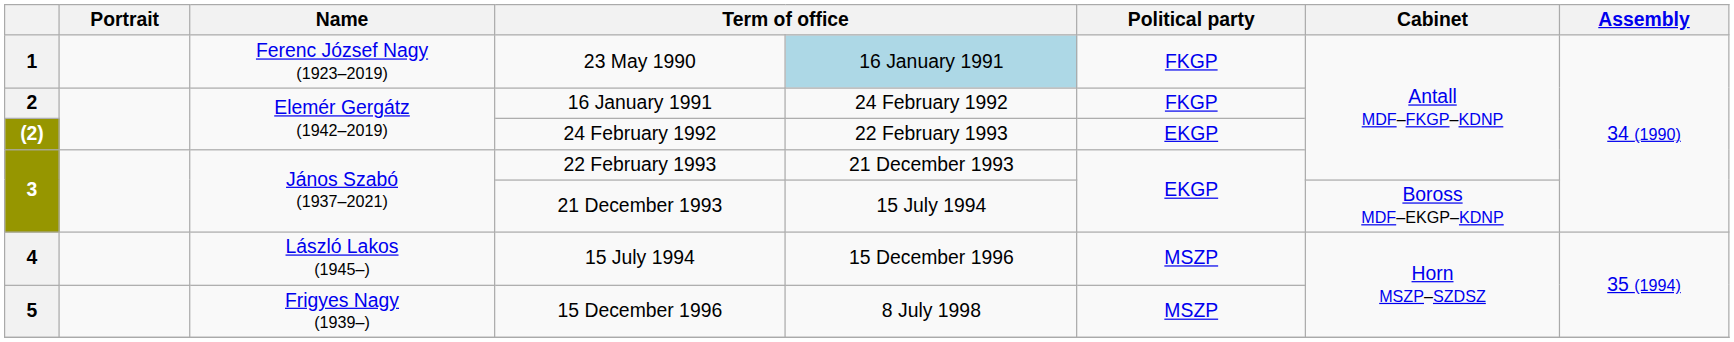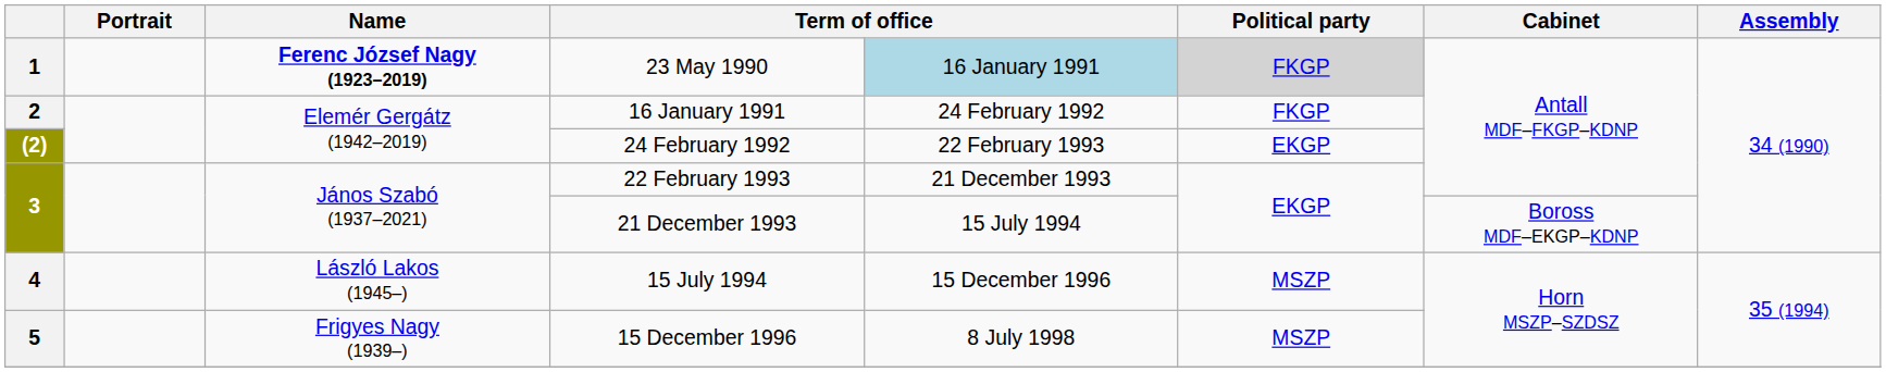 <table class="wikitable" style="width:90%; text-align:center;">
 <tr>
 <th></th>
 <th>Portrait</th>
 <th>Name<br></th>
 <th colspan=2>Term of office</th>
 <th>Political party</th>
 <th>Cabinet</th>
 <th><a href='#'>Assembly</a><br></th>
 </tr>
 <tr>
 <th style="background:">1</th>
 <td></td>
-<td><a href='#'>Ferenc József Nagy</a><br><small>(1923–2019)</small></td>
+<td><strong><a href='#'>Ferenc József Nagy</a><br><small>(1923–2019)</small></strong></td>
 <td>23 May 1990</td>
 <td style="background: lightblue;">16 January 1991</td>
-<td><a href='#'>FKGP</a></td>
+<td style="background: lightgrey;"><a href='#'>FKGP</a></td>
 <td rowspan="4"><a href='#'>Antall</a><br><small><a href='#'>MDF</a>–<a href='#'>FKGP</a>–<a href='#'>KDNP</a></small></td>
 <td rowspan="5"><a href='#'>34 <small>(1990)</small></a></td>
 </tr>
 <tr>
 <th style="background:">2</th>
 <td rowspan="2"></td>
 <td rowspan="2"><a href='#'>Elemér Gergátz</a><br><small>(1942–2019)</small></td>
 <td>16 January 1991</td>
 <td>24 February 1992</td>
 <td><a href='#'>FKGP</a></td>
 </tr>
 <tr>
 <th style="background-color:#969600; color:white">(2)</th>
 <td>24 February 1992</td>
 <td>22 February 1993</td>
 <td><a href='#'>EKGP</a></td>
 </tr>
 <tr>
 <th rowspan="2" style="background-color:#969600; color:white">3</th>
 <td rowspan="2"></td>
 <td rowspan="2"><a href='#'>János Szabó</a><br><small>(1937–2021)</small></td>
 <td>22 February 1993</td>
 <td>21 December 1993</td>
 <td rowspan="2"><a href='#'>EKGP</a></td>
 </tr>
 <tr>
 <td>21 December 1993</td>
 <td>15 July 1994</td>
 <td><a href='#'>Boross</a><br><small><a href='#'>MDF</a>–EKGP–<a href='#'>KDNP</a></small></td>
 </tr>
 <tr>
 <th style="background:">4</th>
 <td></td>
 <td><a href='#'>László Lakos</a><br><small>(1945–)</small></td>
 <td>15 July 1994</td>
 <td>15 December 1996</td>
 <td><a href='#'>MSZP</a></td>
 <td rowspan="2"><a href='#'>Horn</a><br><small><a href='#'>MSZP</a>–<a href='#'>SZDSZ</a></small></td>
 <td rowspan="2"><a href='#'>35 <small>(1994)</small></a></td>
 </tr>
 <tr>
 <th style="background:">5</th>
 <td></td>
 <td><a href='#'>Frigyes Nagy</a><br><small>(1939–)</small></td>
 <td>15 December 1996</td>
 <td>8 July 1998</td>
 <td><a href='#'>MSZP</a></td>
 </tr>
 <tr>
 </tr>
 </table>
